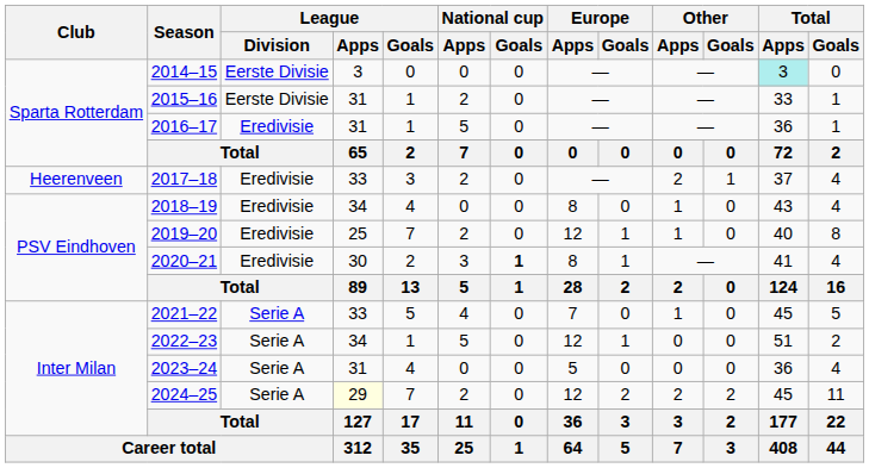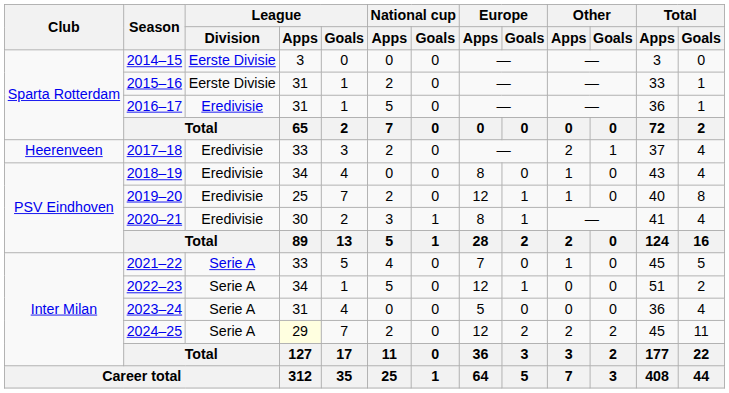 <table class="wikitable" style="text-align:center">
 <tr>
 <th rowspan="2">Club</th>
 <th rowspan="2">Season</th>
 <th colspan="3">League</th>
 <th colspan="2">National cup</th>
 <th colspan="2">Europe</th>
 <th colspan="2">Other</th>
 <th colspan="2">Total</th>
 </tr>
 <tr>
 <th>Division</th>
 <th>Apps</th>
 <th>Goals</th>
 <th>Apps</th>
 <th>Goals</th>
 <th>Apps</th>
 <th>Goals</th>
 <th>Apps</th>
 <th>Goals</th>
 <th>Apps</th>
 <th>Goals</th>
 </tr>
 <tr>
 <td rowspan="4"><a href='#'>Sparta Rotterdam</a></td>
 <td><a href='#'>2014–15</a></td>
 <td><a href='#'>Eerste Divisie</a></td>
 <td>3</td>
 <td>0</td>
 <td>0</td>
 <td>0</td>
 <td colspan="2">—</td>
 <td colspan="2">—</td>
-<td style="background: paleturquoise;">3</td>
+<td>3</td>
 <td>0</td>
 </tr>
 <tr>
 <td><a href='#'>2015–16</a></td>
 <td>Eerste Divisie</td>
 <td>31</td>
 <td>1</td>
 <td>2</td>
 <td>0</td>
 <td colspan="2">—</td>
 <td colspan="2">—</td>
 <td>33</td>
 <td>1</td>
 </tr>
 <tr>
 <td><a href='#'>2016–17</a></td>
 <td><a href='#'>Eredivisie</a></td>
 <td>31</td>
 <td>1</td>
 <td>5</td>
 <td>0</td>
 <td colspan="2">—</td>
 <td colspan="2">—</td>
 <td>36</td>
 <td>1</td>
 </tr>
 <tr>
 <th colspan="2">Total</th>
 <th>65</th>
 <th>2</th>
 <th>7</th>
 <th>0</th>
 <th>0</th>
 <th>0</th>
 <th>0</th>
 <th>0</th>
 <th>72</th>
 <th>2</th>
 </tr>
 <tr>
 <td><a href='#'>Heerenveen</a></td>
 <td><a href='#'>2017–18</a></td>
 <td>Eredivisie</td>
 <td>33</td>
 <td>3</td>
 <td>2</td>
 <td>0</td>
 <td colspan="2">—</td>
 <td>2</td>
 <td>1</td>
 <td>37</td>
 <td>4</td>
 </tr>
 <tr>
 <td rowspan="4"><a href='#'>PSV Eindhoven</a></td>
 <td><a href='#'>2018–19</a></td>
 <td>Eredivisie</td>
 <td>34</td>
 <td>4</td>
 <td>0</td>
 <td>0</td>
 <td>8</td>
 <td>0</td>
 <td>1</td>
 <td>0</td>
 <td>43</td>
 <td>4</td>
 </tr>
 <tr>
 <td><a href='#'>2019–20</a></td>
 <td>Eredivisie</td>
 <td>25</td>
 <td>7</td>
 <td>2</td>
 <td>0</td>
 <td>12</td>
 <td>1</td>
 <td>1</td>
 <td>0</td>
 <td>40</td>
 <td>8</td>
 </tr>
 <tr>
 <td><a href='#'>2020–21</a></td>
 <td>Eredivisie</td>
 <td>30</td>
 <td>2</td>
 <td>3</td>
-<td><strong>1</strong></td>
+<td>1</td>
 <td>8</td>
 <td>1</td>
 <td colspan="2">—</td>
 <td>41</td>
 <td>4</td>
 </tr>
 <tr>
 <th colspan="2">Total</th>
 <th>89</th>
 <th>13</th>
 <th>5</th>
 <th>1</th>
 <th>28</th>
 <th>2</th>
 <th>2</th>
 <th>0</th>
 <th>124</th>
 <th>16</th>
 </tr>
 <tr>
 <td rowspan="5"><a href='#'>Inter Milan</a></td>
 <td><a href='#'>2021–22</a></td>
 <td><a href='#'>Serie A</a></td>
 <td>33</td>
 <td>5</td>
 <td>4</td>
 <td>0</td>
 <td>7</td>
 <td>0</td>
 <td>1</td>
 <td>0</td>
 <td>45</td>
 <td>5</td>
 </tr>
 <tr>
 <td><a href='#'>2022–23</a></td>
 <td>Serie A</td>
 <td>34</td>
 <td>1</td>
 <td>5</td>
 <td>0</td>
 <td>12</td>
 <td>1</td>
 <td>0</td>
 <td>0</td>
 <td>51</td>
 <td>2</td>
 </tr>
 <tr>
 <td><a href='#'>2023–24</a></td>
 <td>Serie A</td>
 <td>31</td>
 <td>4</td>
 <td>0</td>
 <td>0</td>
 <td>5</td>
 <td>0</td>
 <td>0</td>
 <td>0</td>
 <td>36</td>
 <td>4</td>
 </tr>
 <tr>
 <td><a href='#'>2024–25</a></td>
 <td>Serie A</td>
 <td style="background: lightyellow;">29</td>
 <td>7</td>
 <td>2</td>
 <td>0</td>
 <td>12</td>
 <td>2</td>
 <td>2</td>
 <td>2</td>
 <td>45</td>
 <td>11</td>
 </tr>
 <tr>
 <th colspan="2">Total</th>
 <th>127</th>
 <th>17</th>
 <th>11</th>
 <th>0</th>
 <th>36</th>
 <th>3</th>
 <th>3</th>
 <th>2</th>
 <th>177</th>
 <th>22</th>
 </tr>
 <tr>
 <th colspan="3">Career total</th>
 <th>312</th>
 <th>35</th>
 <th>25</th>
 <th>1</th>
 <th>64</th>
 <th>5</th>
 <th>7</th>
 <th>3</th>
 <th>408</th>
 <th>44</th>
 </tr>
 </table>
